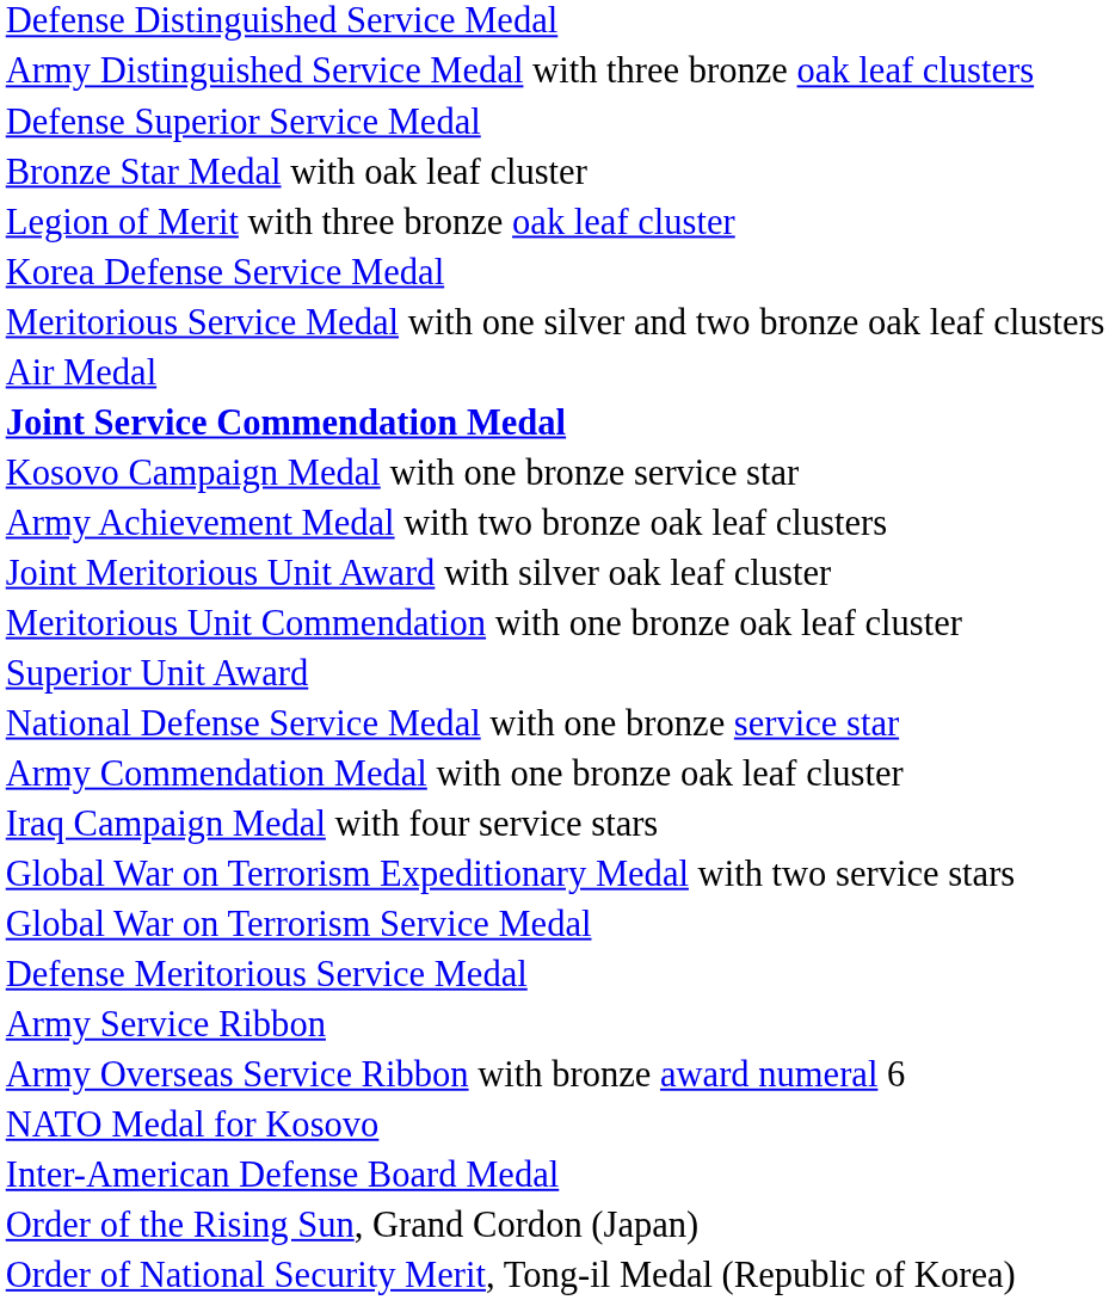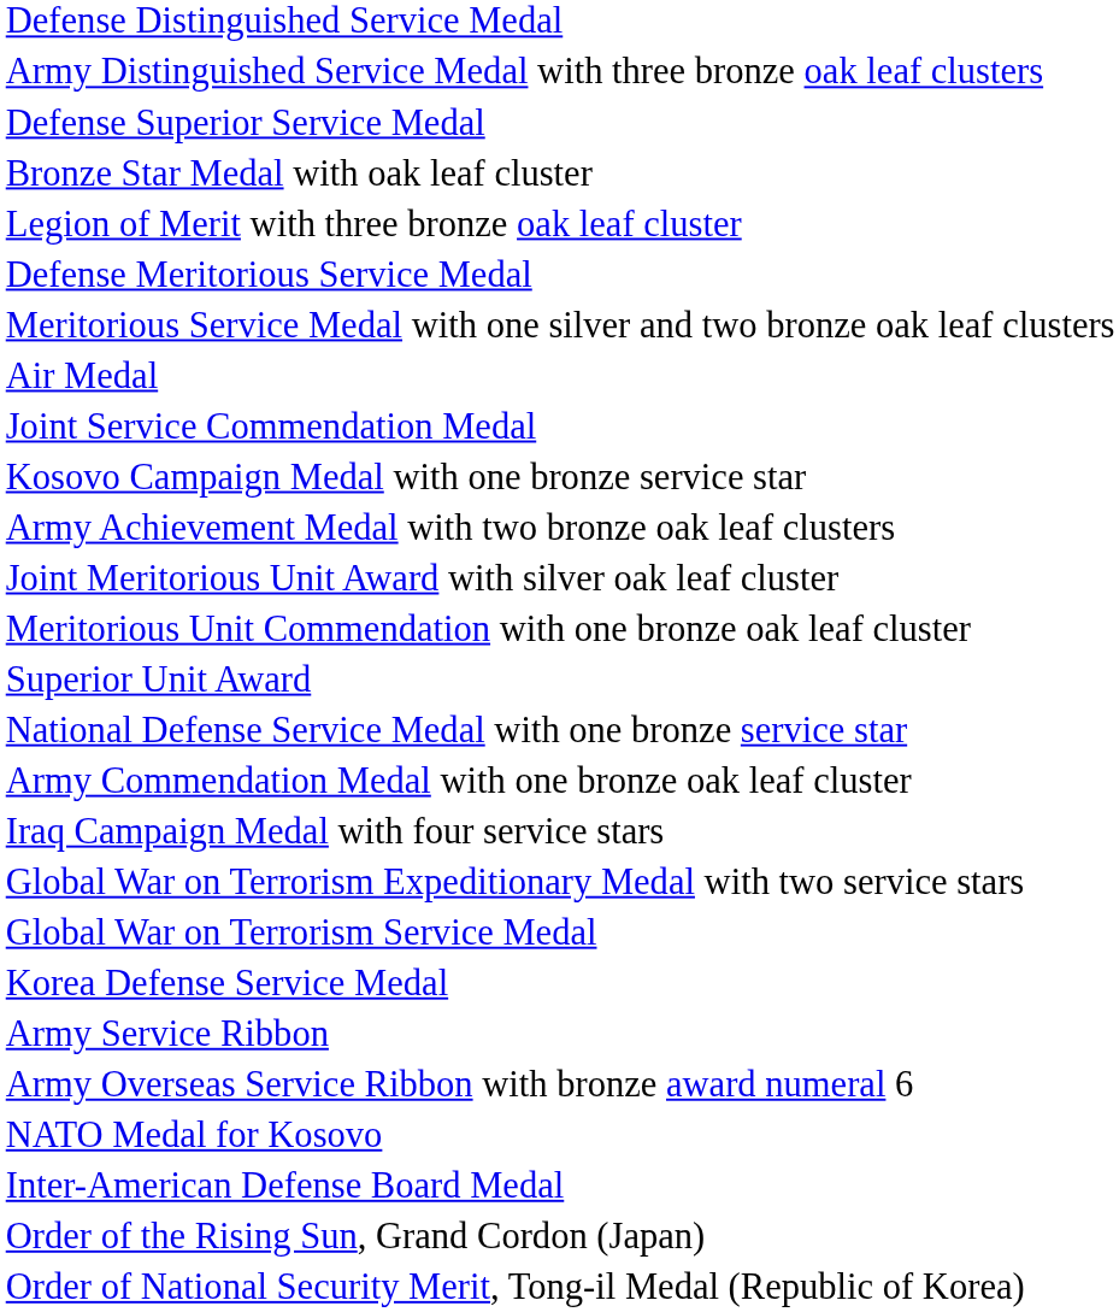 <table>
 <tr>
 <td> <a href='#'>Defense Distinguished Service Medal</a></td>
 </tr>
 <tr>
 <td><span></span><span></span><span></span> <a href='#'>Army Distinguished Service Medal</a> with three bronze <a href='#'>oak leaf clusters</a></td>
 </tr>
 <tr>
 <td> <a href='#'>Defense Superior Service Medal</a></td>
 </tr>
 <tr>
 <td> <a href='#'>Bronze Star Medal</a> with oak leaf cluster</td>
 </tr>
 <tr>
 <td><span></span><span></span><span></span> <a href='#'>Legion of Merit</a> with three bronze <a href='#'>oak leaf cluster</a></td>
 </tr>
 <tr>
-<td> <a href='#'>Korea Defense Service Medal</a></td>
+<td> <a href='#'>Defense Meritorious Service Medal</a></td>
 </tr>
 <tr>
 <td><span></span><span></span><span></span> <a href='#'>Meritorious Service Medal</a> with one silver and two bronze oak leaf clusters</td>
 </tr>
 <tr>
 <td> <a href='#'>Air Medal</a></td>
 </tr>
 <tr>
-<td><strong> <a href='#'>Joint Service Commendation Medal</a></strong></td>
+<td> <a href='#'>Joint Service Commendation Medal</a></td>
 </tr>
 <tr>
 <td> <a href='#'>Kosovo Campaign Medal</a> with one bronze service star</td>
 </tr>
 <tr>
 <td><span></span><span></span> <a href='#'>Army Achievement Medal</a> with two bronze oak leaf clusters</td>
 </tr>
 <tr>
 <td> <a href='#'>Joint Meritorious Unit Award</a> with silver oak leaf cluster</td>
 </tr>
 <tr>
 <td> <a href='#'>Meritorious Unit Commendation</a> with one bronze oak leaf cluster</td>
 </tr>
 <tr>
 <td> <a href='#'>Superior Unit Award</a></td>
 </tr>
 <tr>
 <td> <a href='#'>National Defense Service Medal</a> with one bronze <a href='#'>service star</a></td>
 </tr>
 <tr>
 <td> <a href='#'>Army Commendation Medal</a> with one bronze oak leaf cluster</td>
 </tr>
 <tr>
 <td><span></span><span></span><span></span><span></span> <a href='#'>Iraq Campaign Medal</a> with four service stars</td>
 </tr>
 <tr>
 <td><span></span><span></span> <a href='#'>Global War on Terrorism Expeditionary Medal</a> with two service stars</td>
 </tr>
 <tr>
 <td> <a href='#'>Global War on Terrorism Service Medal</a></td>
 </tr>
 <tr>
-<td> <a href='#'>Defense Meritorious Service Medal</a></td>
+<td> <a href='#'>Korea Defense Service Medal</a></td>
 </tr>
 <tr>
 <td> <a href='#'>Army Service Ribbon</a></td>
 </tr>
 <tr>
 <td><span></span> <a href='#'>Army Overseas Service Ribbon</a> with bronze <a href='#'>award numeral</a> 6</td>
 </tr>
 <tr>
 <td> <a href='#'>NATO Medal for Kosovo</a></td>
 </tr>
 <tr>
 <td> <a href='#'>Inter-American Defense Board Medal</a></td>
 </tr>
 <tr>
 <td> <a href='#'>Order of the Rising Sun</a>, Grand Cordon (Japan)</td>
 </tr>
 <tr>
 <td> <a href='#'>Order of National Security Merit</a>, Tong-il Medal (Republic of Korea)</td>
 </tr>
 </table>
